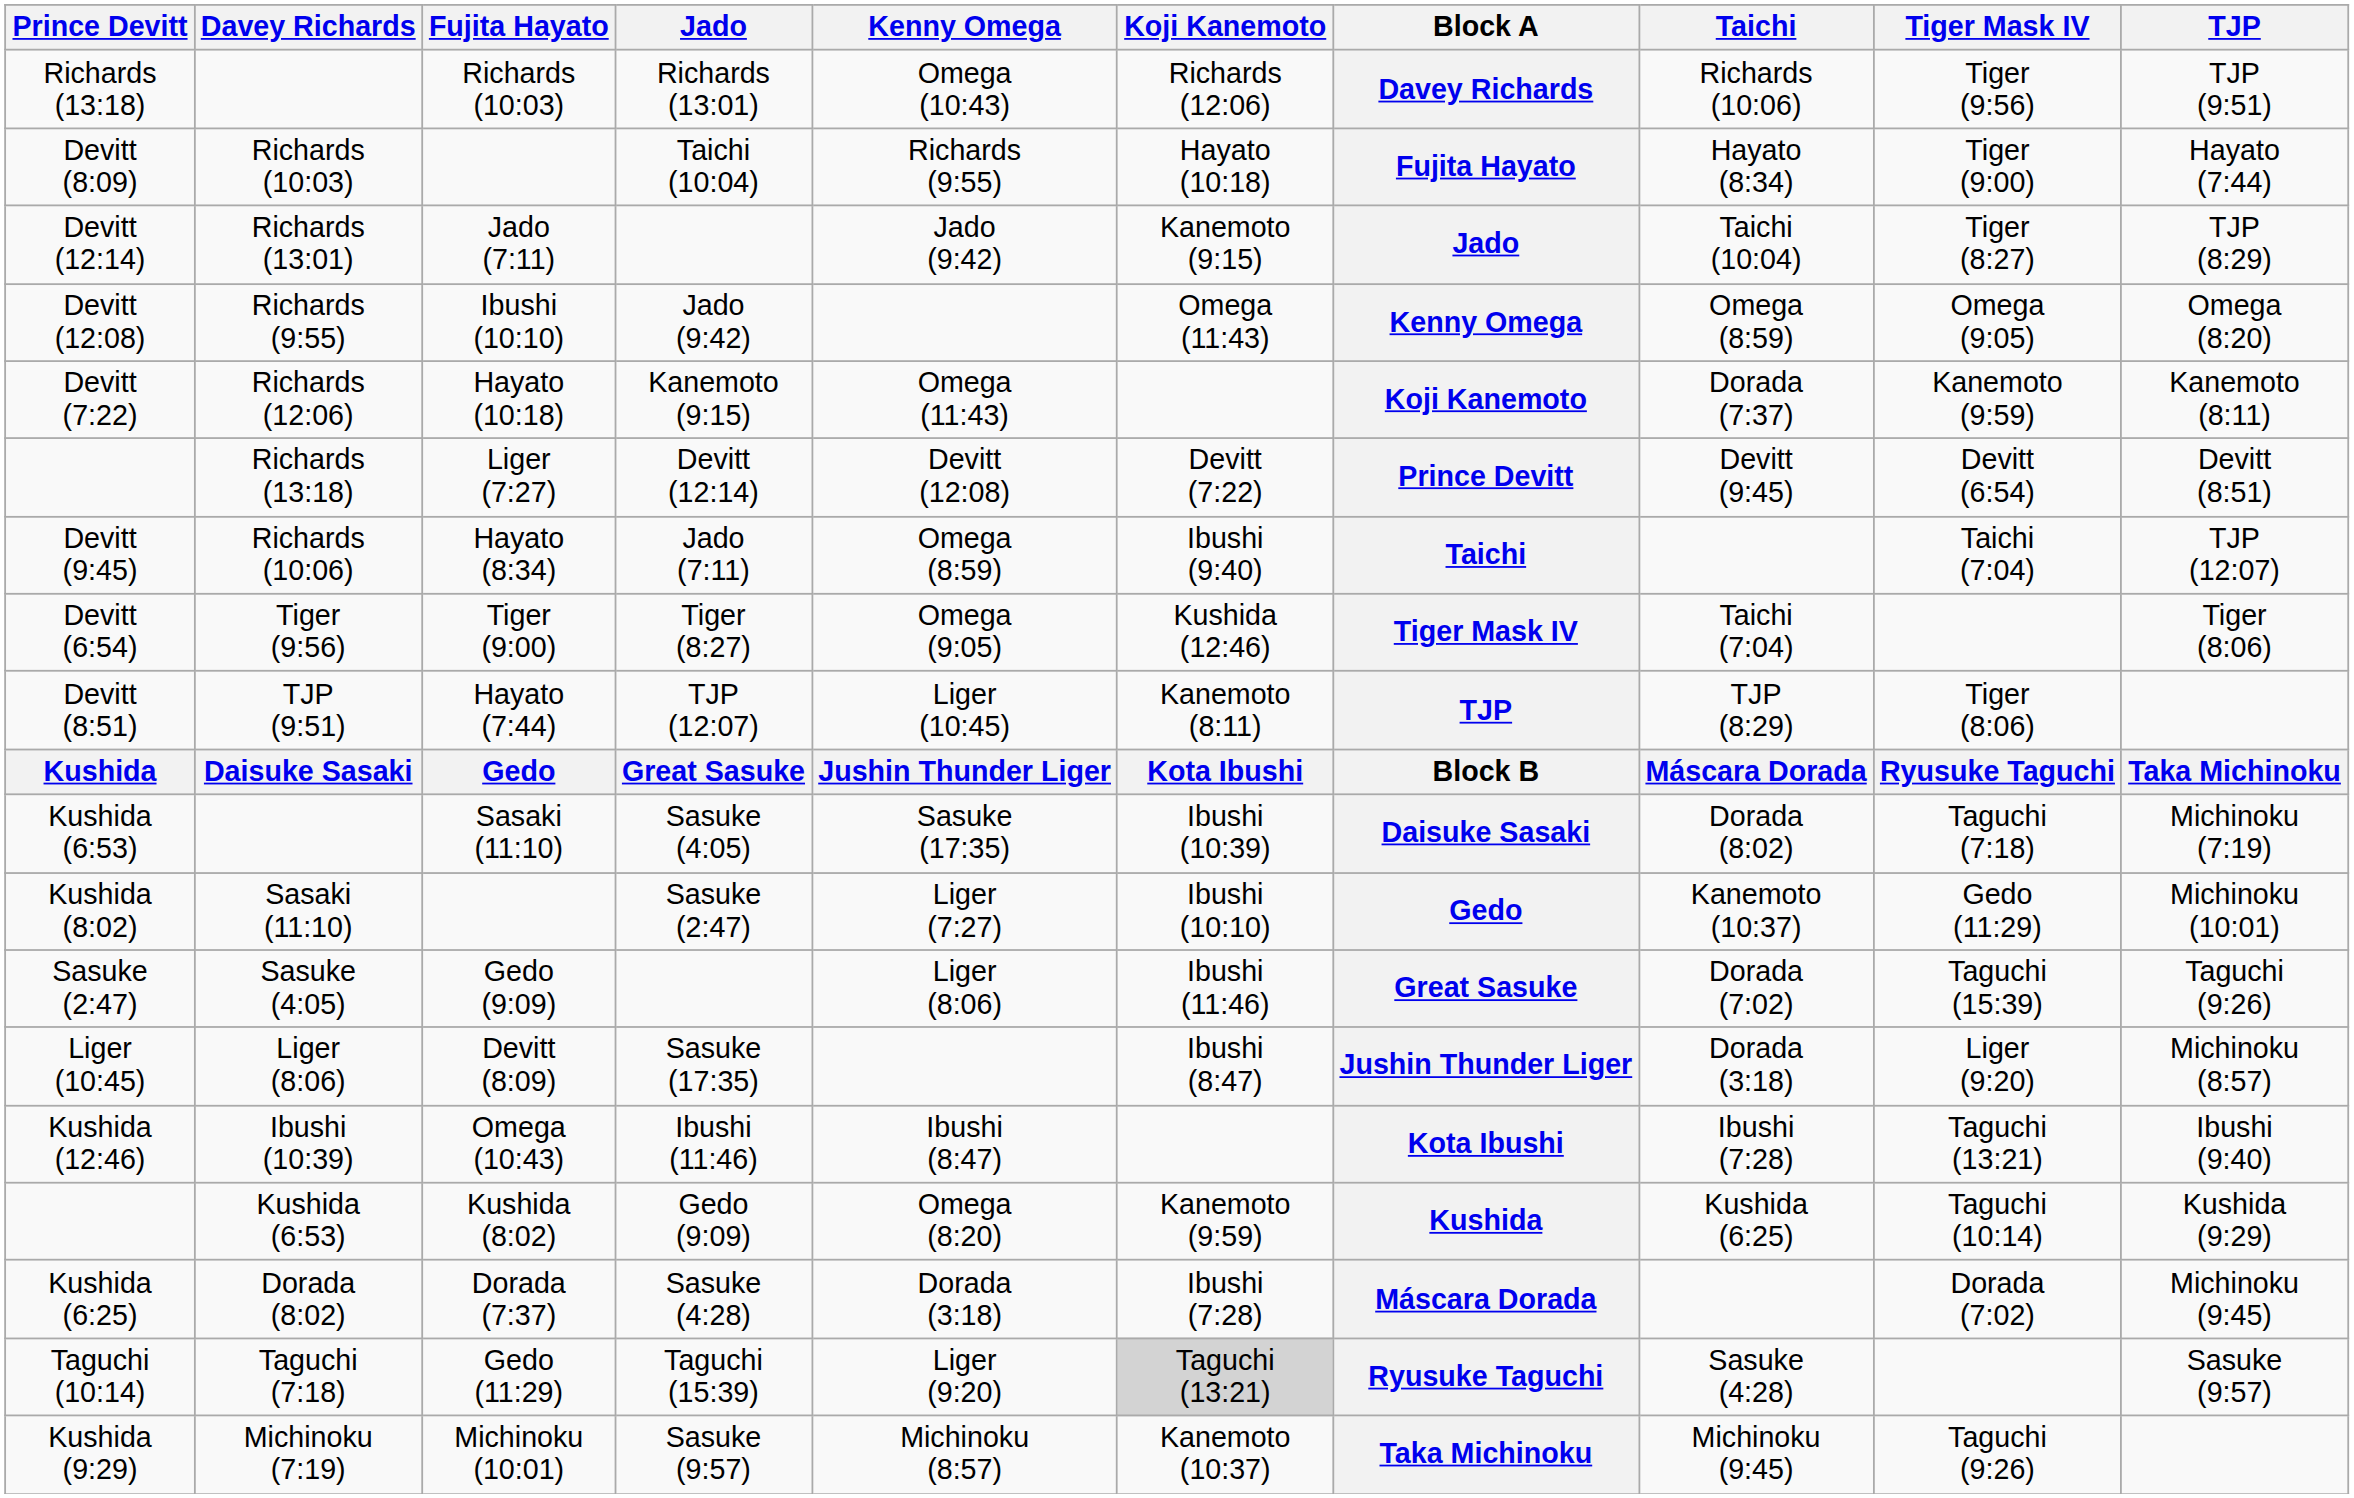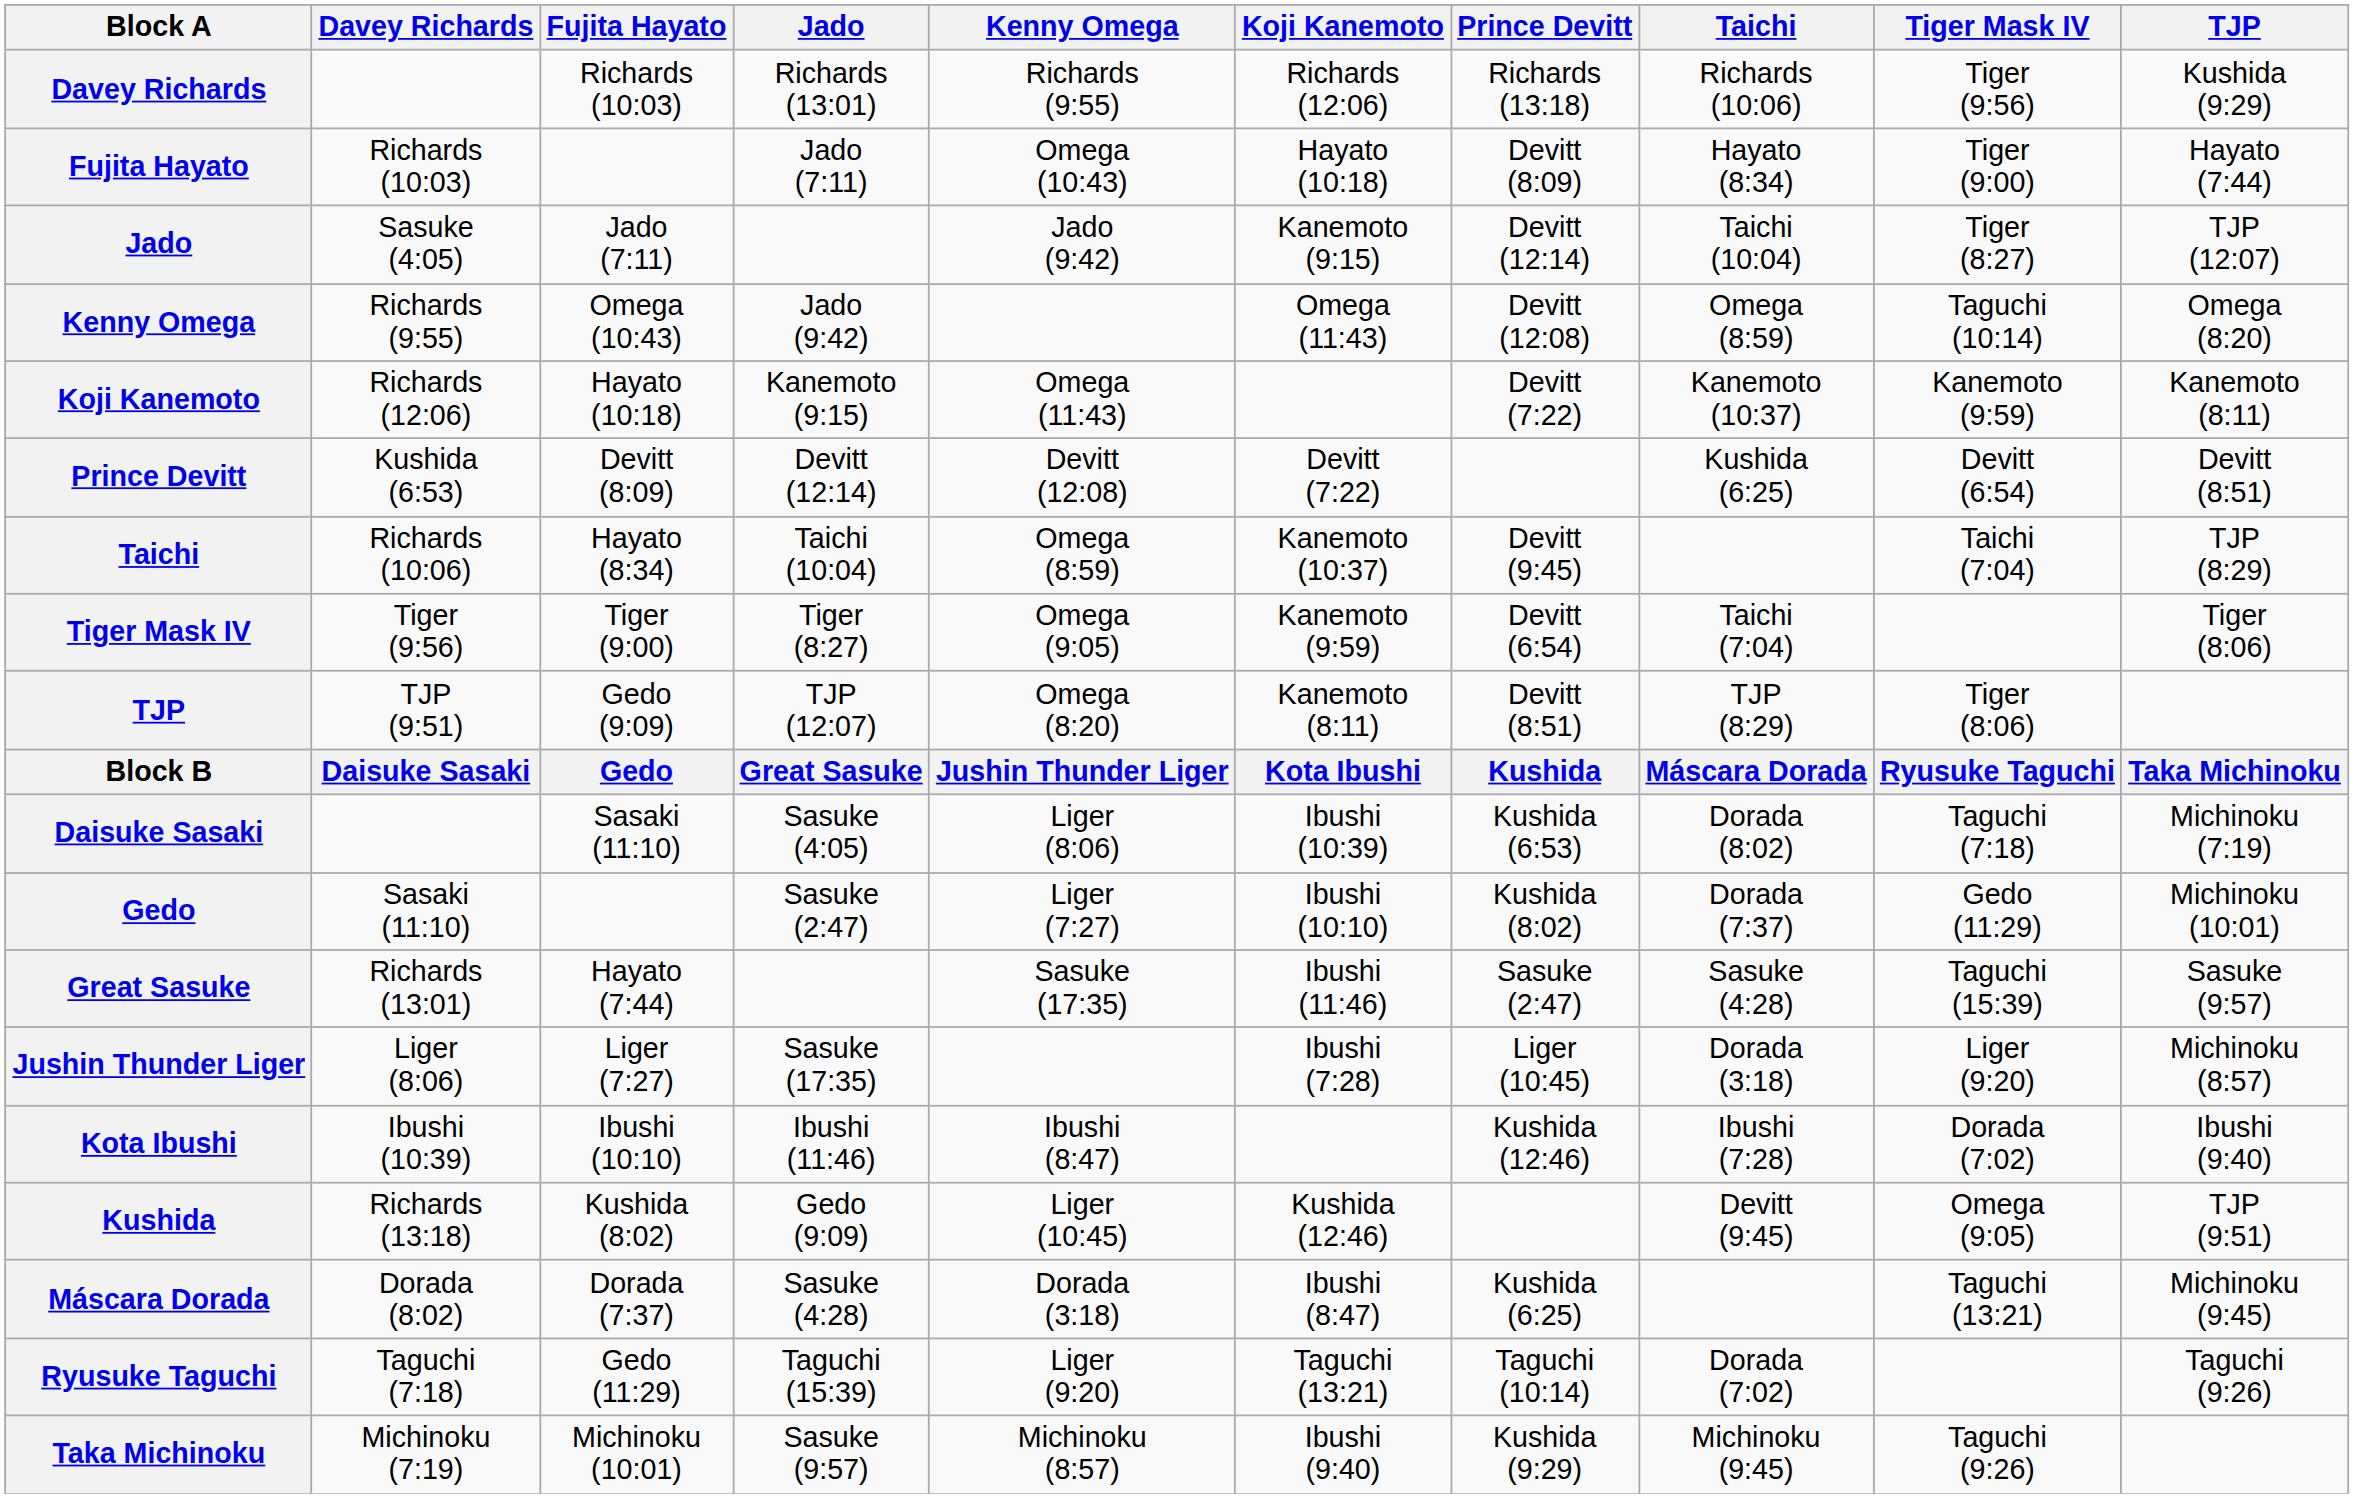 <table class="wikitable" style="margin: 1em auto 1em auto">
 <tr align="center">
-<th><a href='#'>Prince Devitt</a></th>
+<th>Block A</th>
 <th><a href='#'>Davey Richards</a></th>
 <th><a href='#'>Fujita Hayato</a></th>
 <th><a href='#'>Jado</a></th>
 <th><a href='#'>Kenny Omega</a></th>
 <th><a href='#'>Koji Kanemoto</a></th>
-<th>Block A</th>
+<th><a href='#'>Prince Devitt</a></th>
 <th><a href='#'>Taichi</a></th>
 <th><a href='#'>Tiger Mask IV</a></th>
 <th><a href='#'>TJP</a></th>
 </tr>
 <tr align="center">
-<td>Richards<br>(13:18)</td>
+<th><a href='#'>Davey Richards</a></th>
 <td></td>
 <td>Richards<br>(10:03)</td>
 <td>Richards<br>(13:01)</td>
-<td>Omega<br>(10:43)</td>
+<td>Richards<br>(9:55)</td>
 <td>Richards<br>(12:06)</td>
-<th><a href='#'>Davey Richards</a></th>
+<td>Richards<br>(13:18)</td>
 <td>Richards<br>(10:06)</td>
 <td>Tiger<br>(9:56)</td>
-<td>TJP<br>(9:51)</td>
+<td>Kushida<br>(9:29)</td>
 </tr>
 <tr align="center">
-<td>Devitt<br>(8:09)</td>
+<th><a href='#'>Fujita Hayato</a></th>
 <td>Richards<br>(10:03)</td>
 <td></td>
-<td>Taichi<br>(10:04)</td>
-<td>Richards<br>(9:55)</td>
+<td>Jado<br>(7:11)</td>
+<td>Omega<br>(10:43)</td>
 <td>Hayato<br>(10:18)</td>
-<th><a href='#'>Fujita Hayato</a></th>
+<td>Devitt<br>(8:09)</td>
 <td>Hayato<br>(8:34)</td>
 <td>Tiger<br>(9:00)</td>
 <td>Hayato<br>(7:44)</td>
 </tr>
 <tr align="center">
-<td>Devitt<br>(12:14)</td>
-<td>Richards<br>(13:01)</td>
+<th><a href='#'>Jado</a></th>
+<td>Sasuke<br>(4:05)</td>
 <td>Jado<br>(7:11)</td>
 <td></td>
 <td>Jado<br>(9:42)</td>
 <td>Kanemoto<br>(9:15)</td>
-<th><a href='#'>Jado</a></th>
+<td>Devitt<br>(12:14)</td>
 <td>Taichi<br>(10:04)</td>
 <td>Tiger<br>(8:27)</td>
-<td>TJP<br>(8:29)</td>
+<td>TJP<br>(12:07)</td>
 </tr>
 <tr align="center">
-<td>Devitt<br>(12:08)</td>
+<th><a href='#'>Kenny Omega</a></th>
 <td>Richards<br>(9:55)</td>
-<td>Ibushi<br>(10:10)</td>
+<td>Omega<br>(10:43)</td>
 <td>Jado<br>(9:42)</td>
 <td></td>
 <td>Omega<br>(11:43)</td>
-<th><a href='#'>Kenny Omega</a></th>
+<td>Devitt<br>(12:08)</td>
 <td>Omega<br>(8:59)</td>
-<td>Omega<br>(9:05)</td>
+<td>Taguchi<br>(10:14)</td>
 <td>Omega<br>(8:20)</td>
 </tr>
 <tr align="center">
-<td>Devitt<br>(7:22)</td>
+<th><a href='#'>Koji Kanemoto</a></th>
 <td>Richards<br>(12:06)</td>
 <td>Hayato<br>(10:18)</td>
 <td>Kanemoto<br>(9:15)</td>
 <td>Omega<br>(11:43)</td>
 <td></td>
-<th><a href='#'>Koji Kanemoto</a></th>
-<td>Dorada<br>(7:37)</td>
+<td>Devitt<br>(7:22)</td>
+<td>Kanemoto<br>(10:37)</td>
 <td>Kanemoto<br>(9:59)</td>
 <td>Kanemoto<br>(8:11)</td>
 </tr>
 <tr align="center">
-<td></td>
-<td>Richards<br>(13:18)</td>
-<td>Liger<br>(7:27)</td>
+<th><a href='#'>Prince Devitt</a></th>
+<td>Kushida<br>(6:53)</td>
+<td>Devitt<br>(8:09)</td>
 <td>Devitt<br>(12:14)</td>
 <td>Devitt<br>(12:08)</td>
 <td>Devitt<br>(7:22)</td>
-<th><a href='#'>Prince Devitt</a></th>
-<td>Devitt<br>(9:45)</td>
+<td></td>
+<td>Kushida<br>(6:25)</td>
 <td>Devitt<br>(6:54)</td>
 <td>Devitt<br>(8:51)</td>
 </tr>
 <tr align="center">
-<td>Devitt<br>(9:45)</td>
+<th><a href='#'>Taichi</a></th>
 <td>Richards<br>(10:06)</td>
 <td>Hayato<br>(8:34)</td>
-<td>Jado<br>(7:11)</td>
+<td>Taichi<br>(10:04)</td>
 <td>Omega<br>(8:59)</td>
-<td>Ibushi<br>(9:40)</td>
-<th><a href='#'>Taichi</a></th>
+<td>Kanemoto<br>(10:37)</td>
+<td>Devitt<br>(9:45)</td>
 <td></td>
 <td>Taichi<br>(7:04)</td>
-<td>TJP<br>(12:07)</td>
+<td>TJP<br>(8:29)</td>
 </tr>
 <tr align="center">
-<td>Devitt<br>(6:54)</td>
+<th><a href='#'>Tiger Mask IV</a></th>
 <td>Tiger<br>(9:56)</td>
 <td>Tiger<br>(9:00)</td>
 <td>Tiger<br>(8:27)</td>
 <td>Omega<br>(9:05)</td>
-<td>Kushida<br>(12:46)</td>
-<th><a href='#'>Tiger Mask IV</a></th>
+<td>Kanemoto<br>(9:59)</td>
+<td>Devitt<br>(6:54)</td>
 <td>Taichi<br>(7:04)</td>
 <td></td>
 <td>Tiger<br>(8:06)</td>
 </tr>
 <tr align="center">
+<th><a href='#'>TJP</a></th>
+<td>TJP<br>(9:51)</td>
+<td>Gedo<br>(9:09)</td>
+<td>TJP<br>(12:07)</td>
+<td>Omega<br>(8:20)</td>
+<td>Kanemoto<br>(8:11)</td>
 <td>Devitt<br>(8:51)</td>
-<td>TJP<br>(9:51)</td>
-<td>Hayato<br>(7:44)</td>
-<td>TJP<br>(12:07)</td>
-<td>Liger<br>(10:45)</td>
-<td>Kanemoto<br>(8:11)</td>
-<th><a href='#'>TJP</a></th>
 <td>TJP<br>(8:29)</td>
 <td>Tiger<br>(8:06)</td>
 <td></td>
 </tr>
 <tr align="center">
-<th><a href='#'>Kushida</a></th>
+<th>Block B</th>
 <th><a href='#'>Daisuke Sasaki</a></th>
 <th><a href='#'>Gedo</a></th>
 <th><a href='#'>Great Sasuke</a></th>
 <th><a href='#'>Jushin Thunder Liger</a></th>
 <th><a href='#'>Kota Ibushi</a></th>
-<th>Block B</th>
+<th><a href='#'>Kushida</a></th>
 <th><a href='#'>Máscara Dorada</a></th>
 <th><a href='#'>Ryusuke Taguchi</a></th>
 <th><a href='#'>Taka Michinoku</a></th>
 </tr>
 <tr align="center">
-<td>Kushida<br>(6:53)</td>
+<th><a href='#'>Daisuke Sasaki</a></th>
 <td></td>
 <td>Sasaki<br>(11:10)</td>
 <td>Sasuke<br>(4:05)</td>
-<td>Sasuke<br>(17:35)</td>
+<td>Liger<br>(8:06)</td>
 <td>Ibushi<br>(10:39)</td>
-<th><a href='#'>Daisuke Sasaki</a></th>
+<td>Kushida<br>(6:53)</td>
 <td>Dorada<br>(8:02)</td>
 <td>Taguchi<br>(7:18)</td>
 <td>Michinoku<br>(7:19)</td>
 </tr>
 <tr align="center">
-<td>Kushida<br>(8:02)</td>
+<th><a href='#'>Gedo</a></th>
 <td>Sasaki<br>(11:10)</td>
 <td></td>
 <td>Sasuke<br>(2:47)</td>
 <td>Liger<br>(7:27)</td>
 <td>Ibushi<br>(10:10)</td>
-<th><a href='#'>Gedo</a></th>
-<td>Kanemoto<br>(10:37)</td>
+<td>Kushida<br>(8:02)</td>
+<td>Dorada<br>(7:37)</td>
 <td>Gedo<br>(11:29)</td>
 <td>Michinoku<br>(10:01)</td>
 </tr>
 <tr align="center">
+<th><a href='#'>Great Sasuke</a></th>
+<td>Richards<br>(13:01)</td>
+<td>Hayato<br>(7:44)</td>
+<td></td>
+<td>Sasuke<br>(17:35)</td>
+<td>Ibushi<br>(11:46)</td>
 <td>Sasuke<br>(2:47)</td>
-<td>Sasuke<br>(4:05)</td>
-<td>Gedo<br>(9:09)</td>
-<td></td>
-<td>Liger<br>(8:06)</td>
-<td>Ibushi<br>(11:46)</td>
-<th><a href='#'>Great Sasuke</a></th>
-<td>Dorada<br>(7:02)</td>
+<td>Sasuke<br>(4:28)</td>
 <td>Taguchi<br>(15:39)</td>
-<td>Taguchi<br>(9:26)</td>
+<td>Sasuke<br>(9:57)</td>
 </tr>
 <tr align="center">
-<td>Liger<br>(10:45)</td>
+<th><a href='#'>Jushin Thunder Liger</a></th>
 <td>Liger<br>(8:06)</td>
-<td>Devitt<br>(8:09)</td>
+<td>Liger<br>(7:27)</td>
 <td>Sasuke<br>(17:35)</td>
 <td></td>
-<td>Ibushi<br>(8:47)</td>
-<th><a href='#'>Jushin Thunder Liger</a></th>
+<td>Ibushi<br>(7:28)</td>
+<td>Liger<br>(10:45)</td>
 <td>Dorada<br>(3:18)</td>
 <td>Liger<br>(9:20)</td>
 <td>Michinoku<br>(8:57)</td>
 </tr>
 <tr align="center">
-<td>Kushida<br>(12:46)</td>
+<th><a href='#'>Kota Ibushi</a></th>
 <td>Ibushi<br>(10:39)</td>
-<td>Omega<br>(10:43)</td>
+<td>Ibushi<br>(10:10)</td>
 <td>Ibushi<br>(11:46)</td>
 <td>Ibushi<br>(8:47)</td>
 <td></td>
-<th><a href='#'>Kota Ibushi</a></th>
+<td>Kushida<br>(12:46)</td>
 <td>Ibushi<br>(7:28)</td>
-<td>Taguchi<br>(13:21)</td>
+<td>Dorada<br>(7:02)</td>
 <td>Ibushi<br>(9:40)</td>
 </tr>
 <tr align="center">
-<td></td>
-<td>Kushida<br>(6:53)</td>
+<th><a href='#'>Kushida</a></th>
+<td>Richards<br>(13:18)</td>
 <td>Kushida<br>(8:02)</td>
 <td>Gedo<br>(9:09)</td>
-<td>Omega<br>(8:20)</td>
-<td>Kanemoto<br>(9:59)</td>
-<th><a href='#'>Kushida</a></th>
-<td>Kushida<br>(6:25)</td>
-<td>Taguchi<br>(10:14)</td>
-<td>Kushida<br>(9:29)</td>
+<td>Liger<br>(10:45)</td>
+<td>Kushida<br>(12:46)</td>
+<td></td>
+<td>Devitt<br>(9:45)</td>
+<td>Omega<br>(9:05)</td>
+<td>TJP<br>(9:51)</td>
 </tr>
 <tr align="center">
-<td>Kushida<br>(6:25)</td>
+<th><a href='#'>Máscara Dorada</a></th>
 <td>Dorada<br>(8:02)</td>
 <td>Dorada<br>(7:37)</td>
 <td>Sasuke<br>(4:28)</td>
 <td>Dorada<br>(3:18)</td>
-<td>Ibushi<br>(7:28)</td>
-<th><a href='#'>Máscara Dorada</a></th>
+<td>Ibushi<br>(8:47)</td>
+<td>Kushida<br>(6:25)</td>
 <td></td>
-<td>Dorada<br>(7:02)</td>
+<td>Taguchi<br>(13:21)</td>
 <td>Michinoku<br>(9:45)</td>
 </tr>
 <tr align="center">
-<td>Taguchi<br>(10:14)</td>
+<th><a href='#'>Ryusuke Taguchi</a></th>
 <td>Taguchi<br>(7:18)</td>
 <td>Gedo<br>(11:29)</td>
 <td>Taguchi<br>(15:39)</td>
 <td>Liger<br>(9:20)</td>
-<td style="background: lightgrey;">Taguchi<br>(13:21)</td>
-<th><a href='#'>Ryusuke Taguchi</a></th>
-<td>Sasuke<br>(4:28)</td>
+<td>Taguchi<br>(13:21)</td>
+<td>Taguchi<br>(10:14)</td>
+<td>Dorada<br>(7:02)</td>
 <td></td>
-<td>Sasuke<br>(9:57)</td>
+<td>Taguchi<br>(9:26)</td>
 </tr>
 <tr align="center">
-<td>Kushida<br>(9:29)</td>
+<th><a href='#'>Taka Michinoku</a></th>
 <td>Michinoku<br>(7:19)</td>
 <td>Michinoku<br>(10:01)</td>
 <td>Sasuke<br>(9:57)</td>
 <td>Michinoku<br>(8:57)</td>
-<td>Kanemoto<br>(10:37)</td>
-<th><a href='#'>Taka Michinoku</a></th>
+<td>Ibushi<br>(9:40)</td>
+<td>Kushida<br>(9:29)</td>
 <td>Michinoku<br>(9:45)</td>
 <td>Taguchi<br>(9:26)</td>
 <td></td>
 </tr>
 </table>
